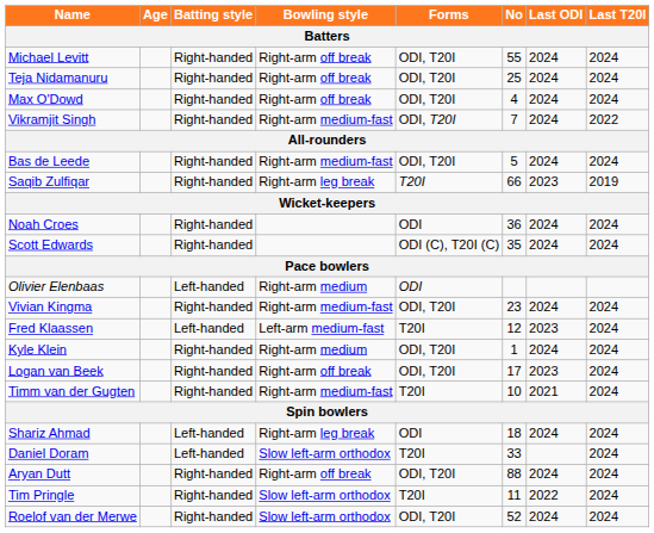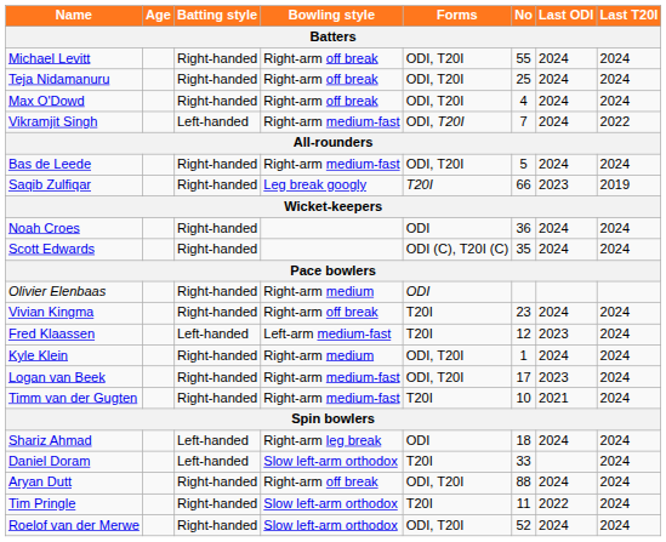 <table class="wikitable">
 <tr>
 <th style="text-align:center; background:#FF771D; color:white;">Name</th>
 <th style="text-align:center; background:#FF771D; color:white;">Age</th>
 <th style="text-align:center; background:#FF771D; color:white;">Batting style</th>
 <th style="text-align:center; background:#FF771D; color:white;">Bowling style</th>
 <th style="text-align:center; background:#FF771D; color:white;">Forms</th>
 <th style="text-align:center; background:#FF771D; color:white;">No</th>
 <th style="text-align:center; background:#FF771D; color:white;">Last ODI</th>
 <th style="text-align:center; background:#FF771D; color:white;">Last T20I</th>
 </tr>
 <tr>
 <th colspan="12">Batters</th>
 </tr>
 <tr>
 <td><a href='#'>Michael Levitt</a></td>
 <td></td>
 <td>Right-handed</td>
 <td>Right-arm <a href='#'>off break</a></td>
 <td>ODI, T20I</td>
 <td align="center">55</td>
 <td> 2024</td>
 <td> 2024</td>
 </tr>
 <tr>
 <td><a href='#'>Teja Nidamanuru</a></td>
 <td></td>
 <td>Right-handed</td>
 <td>Right-arm <a href='#'>off break</a></td>
 <td>ODI, T20I</td>
 <td align="center">25</td>
 <td> 2024</td>
 <td> 2024</td>
 </tr>
 <tr>
 <td><a href='#'>Max O'Dowd</a></td>
 <td></td>
 <td>Right-handed</td>
 <td>Right-arm <a href='#'>off break</a></td>
 <td>ODI, T20I</td>
 <td align="center">4</td>
 <td> 2024</td>
 <td> 2024</td>
 </tr>
 <tr>
 <td><a href='#'>Vikramjit Singh</a></td>
 <td></td>
-<td>Right-handed</td>
+<td>Left-handed</td>
 <td>Right-arm <a href='#'>medium-fast</a></td>
 <td>ODI, <em>T20I</em></td>
 <td align="center">7</td>
 <td> 2024</td>
 <td> 2022</td>
 </tr>
 <tr>
 <th colspan="12">All-rounders</th>
 </tr>
 <tr>
 <td><a href='#'>Bas de Leede</a></td>
 <td></td>
 <td>Right-handed</td>
 <td>Right-arm <a href='#'>medium-fast</a></td>
 <td>ODI, T20I</td>
 <td align="center">5</td>
 <td> 2024</td>
 <td> 2024</td>
 </tr>
 <tr>
 <td><a href='#'>Saqib Zulfiqar</a></td>
 <td></td>
 <td>Right-handed</td>
-<td>Right-arm <a href='#'>leg break</a></td>
+<td><a href='#'>Leg break googly</a></td>
 <td><em>T20I</em></td>
 <td align="center">66</td>
 <td> 2023</td>
 <td> 2019</td>
 </tr>
 <tr>
 <th colspan="12">Wicket-keepers</th>
 </tr>
 <tr>
 <td><a href='#'>Noah Croes</a></td>
 <td></td>
 <td>Right-handed</td>
 <td></td>
 <td>ODI</td>
 <td align="center">36</td>
 <td> 2024</td>
 <td> 2024</td>
 </tr>
 <tr>
 <td><a href='#'>Scott Edwards</a></td>
 <td></td>
 <td>Right-handed</td>
 <td></td>
 <td>ODI (C), T20I (C)</td>
 <td align="center">35</td>
 <td> 2024</td>
 <td> 2024</td>
 </tr>
 <tr>
 <th colspan="12">Pace bowlers</th>
 </tr>
 <tr>
 <td><em>Olivier Elenbaas</em></td>
 <td></td>
-<td>Left-handed</td>
+<td>Right-handed</td>
 <td>Right-arm <a href='#'>medium</a></td>
 <td><em>ODI</em></td>
 <td align="center"></td>
 <td></td>
 <td></td>
 </tr>
 <tr>
 <td><a href='#'>Vivian Kingma</a></td>
 <td></td>
 <td>Right-handed</td>
-<td>Right-arm <a href='#'>medium-fast</a></td>
-<td>ODI, T20I</td>
+<td>Right-arm <a href='#'>off break</a></td>
+<td>T20I</td>
 <td align="center">23</td>
 <td> 2024</td>
 <td> 2024</td>
 </tr>
 <tr>
 <td><a href='#'>Fred Klaassen</a></td>
 <td></td>
 <td>Left-handed</td>
 <td>Left-arm <a href='#'>medium-fast</a></td>
 <td>T20I</td>
 <td align="center">12</td>
 <td> 2023</td>
 <td> 2024</td>
 </tr>
 <tr>
 <td><a href='#'>Kyle Klein</a></td>
 <td></td>
 <td>Right-handed</td>
 <td>Right-arm <a href='#'>medium</a></td>
 <td>ODI, T20I</td>
 <td align="center">1</td>
 <td> 2024</td>
 <td> 2024</td>
 </tr>
 <tr>
 <td><a href='#'>Logan van Beek</a></td>
 <td></td>
 <td>Right-handed</td>
-<td>Right-arm <a href='#'>off break</a></td>
+<td>Right-arm <a href='#'>medium-fast</a></td>
 <td>ODI, T20I</td>
 <td align="center">17</td>
 <td> 2023</td>
 <td> 2024</td>
 </tr>
 <tr>
 <td><a href='#'>Timm van der Gugten</a></td>
 <td></td>
 <td>Right-handed</td>
 <td>Right-arm <a href='#'>medium-fast</a></td>
 <td>T20I</td>
 <td align="center">10</td>
 <td> 2021</td>
 <td> 2024</td>
 </tr>
 <tr>
 <th colspan="12">Spin bowlers</th>
 </tr>
 <tr>
 <td><a href='#'>Shariz Ahmad</a></td>
 <td></td>
 <td>Left-handed</td>
 <td>Right-arm <a href='#'>leg break</a></td>
 <td>ODI</td>
 <td align="center">18</td>
 <td> 2024</td>
 <td> 2024</td>
 </tr>
 <tr>
 <td><a href='#'>Daniel Doram</a></td>
 <td></td>
 <td>Left-handed</td>
 <td><a href='#'>Slow left-arm orthodox</a></td>
 <td>T20I</td>
 <td align="center">33</td>
 <td></td>
 <td> 2024</td>
 </tr>
 <tr>
 <td><a href='#'>Aryan Dutt</a></td>
 <td></td>
 <td>Right-handed</td>
 <td>Right-arm <a href='#'>off break</a></td>
 <td>ODI, T20I</td>
 <td align="center">88</td>
 <td> 2024</td>
 <td> 2024</td>
 </tr>
 <tr>
 <td><a href='#'>Tim Pringle</a></td>
 <td></td>
 <td>Right-handed</td>
 <td><a href='#'>Slow left-arm orthodox</a></td>
 <td>T20I</td>
 <td align="center">11</td>
 <td> 2022</td>
 <td> 2024</td>
 </tr>
 <tr>
 <td><a href='#'>Roelof van der Merwe</a></td>
 <td></td>
 <td>Right-handed</td>
 <td><a href='#'>Slow left-arm orthodox</a></td>
 <td>ODI, T20I</td>
 <td align="center">52</td>
 <td> 2024</td>
 <td> 2024</td>
 </tr>
 </table>
